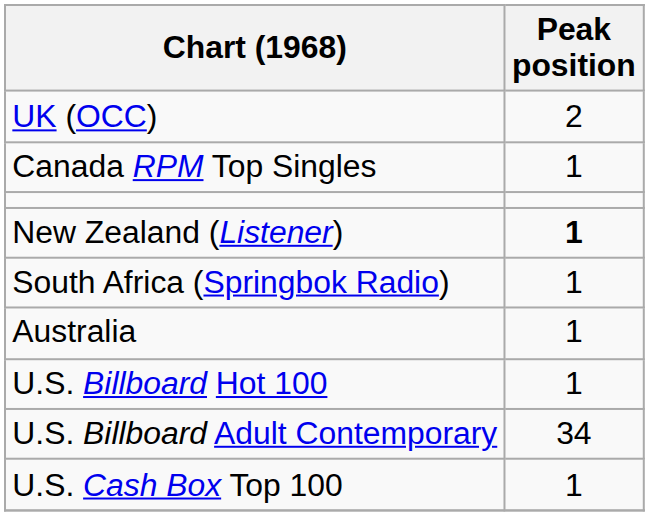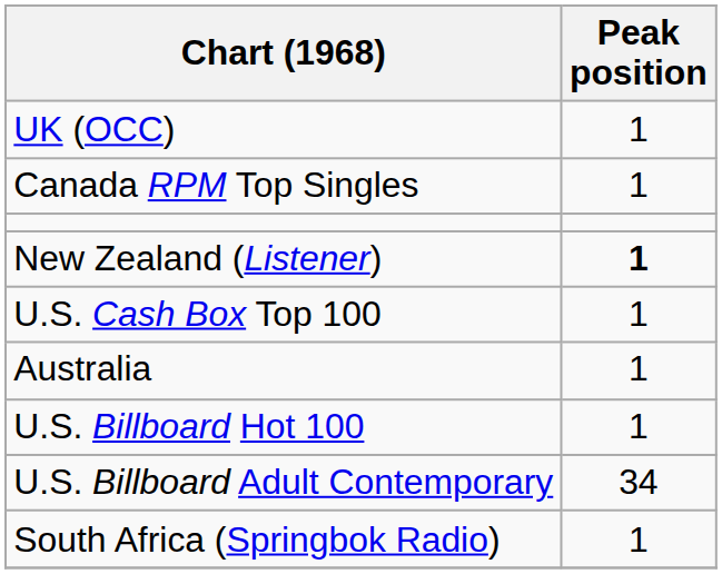 <table class="wikitable sortable">
 <tr>
 <th align="left">Chart (1968)</th>
 <th align="left">Peak<br>position</th>
 </tr>
 <tr>
 <td><a href='#'>UK</a> (<a href='#'>OCC</a>)</td>
-<td style="text-align:center;">2</td>
+<td style="text-align:center;">1</td>
 </tr>
 <tr>
 <td>Canada <em><a href='#'>RPM</a></em> Top Singles</td>
 <td style="text-align:center;">1</td>
 </tr>
 <tr>
 <td></td>
 </tr>
 <tr>
 <td>New Zealand (<em><a href='#'>Listener</a></em>)</td>
 <td style="text-align:center;"><strong>1</strong></td>
 </tr>
 <tr>
-<td>South Africa (<a href='#'>Springbok Radio</a>)</td>
+<td>U.S. <em><a href='#'>Cash Box</a></em> Top 100</td>
 <td align="center">1</td>
 </tr>
 <tr>
 <td>Australia</td>
 <td style="text-align:center;">1</td>
 </tr>
 <tr>
 <td>U.S. <em><a href='#'>Billboard</a></em> <a href='#'>Hot 100</a></td>
 <td style="text-align:center;">1</td>
 </tr>
 <tr>
 <td>U.S. <em>Billboard</em> <a href='#'>Adult Contemporary</a></td>
 <td style="text-align:center;">34</td>
 </tr>
 <tr>
-<td>U.S. <em><a href='#'>Cash Box</a></em> Top 100</td>
+<td>South Africa (<a href='#'>Springbok Radio</a>)</td>
 <td style="text-align:center;">1</td>
 </tr>
 <tr>
 </tr>
 </table>
